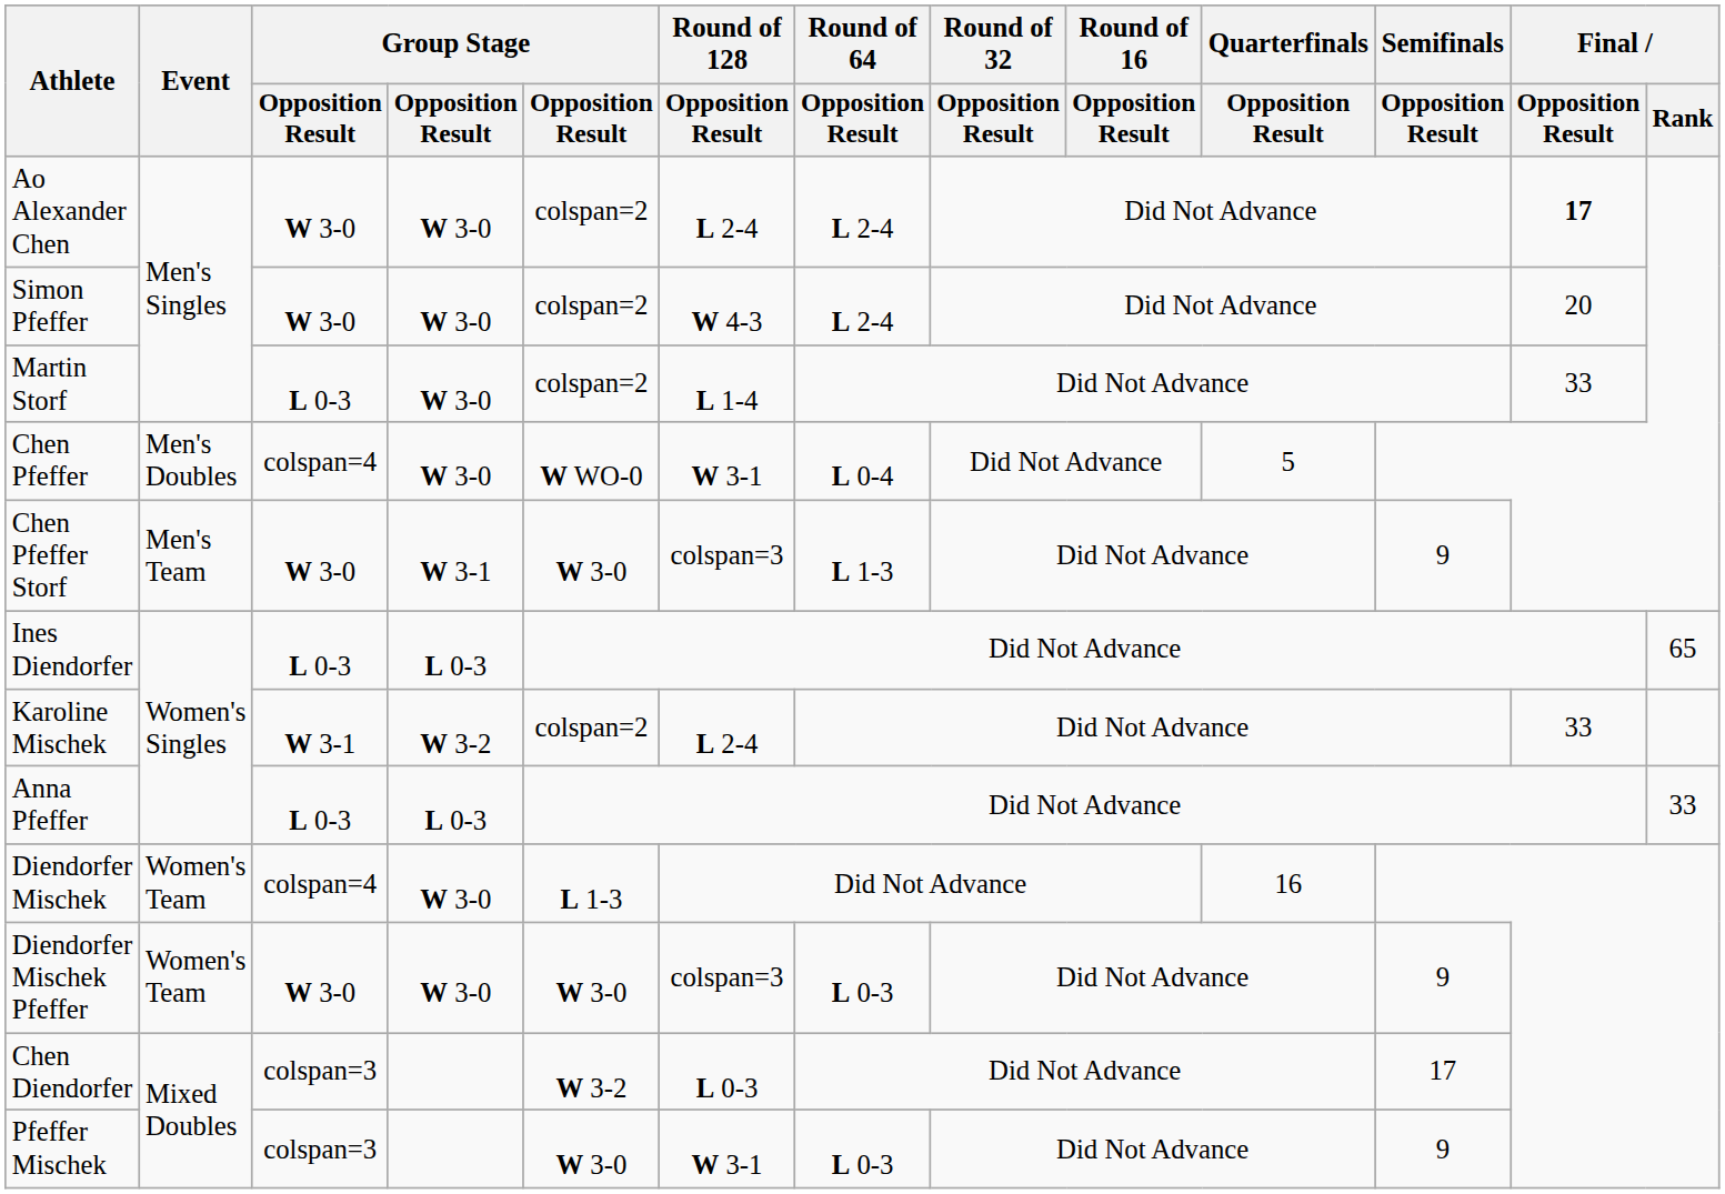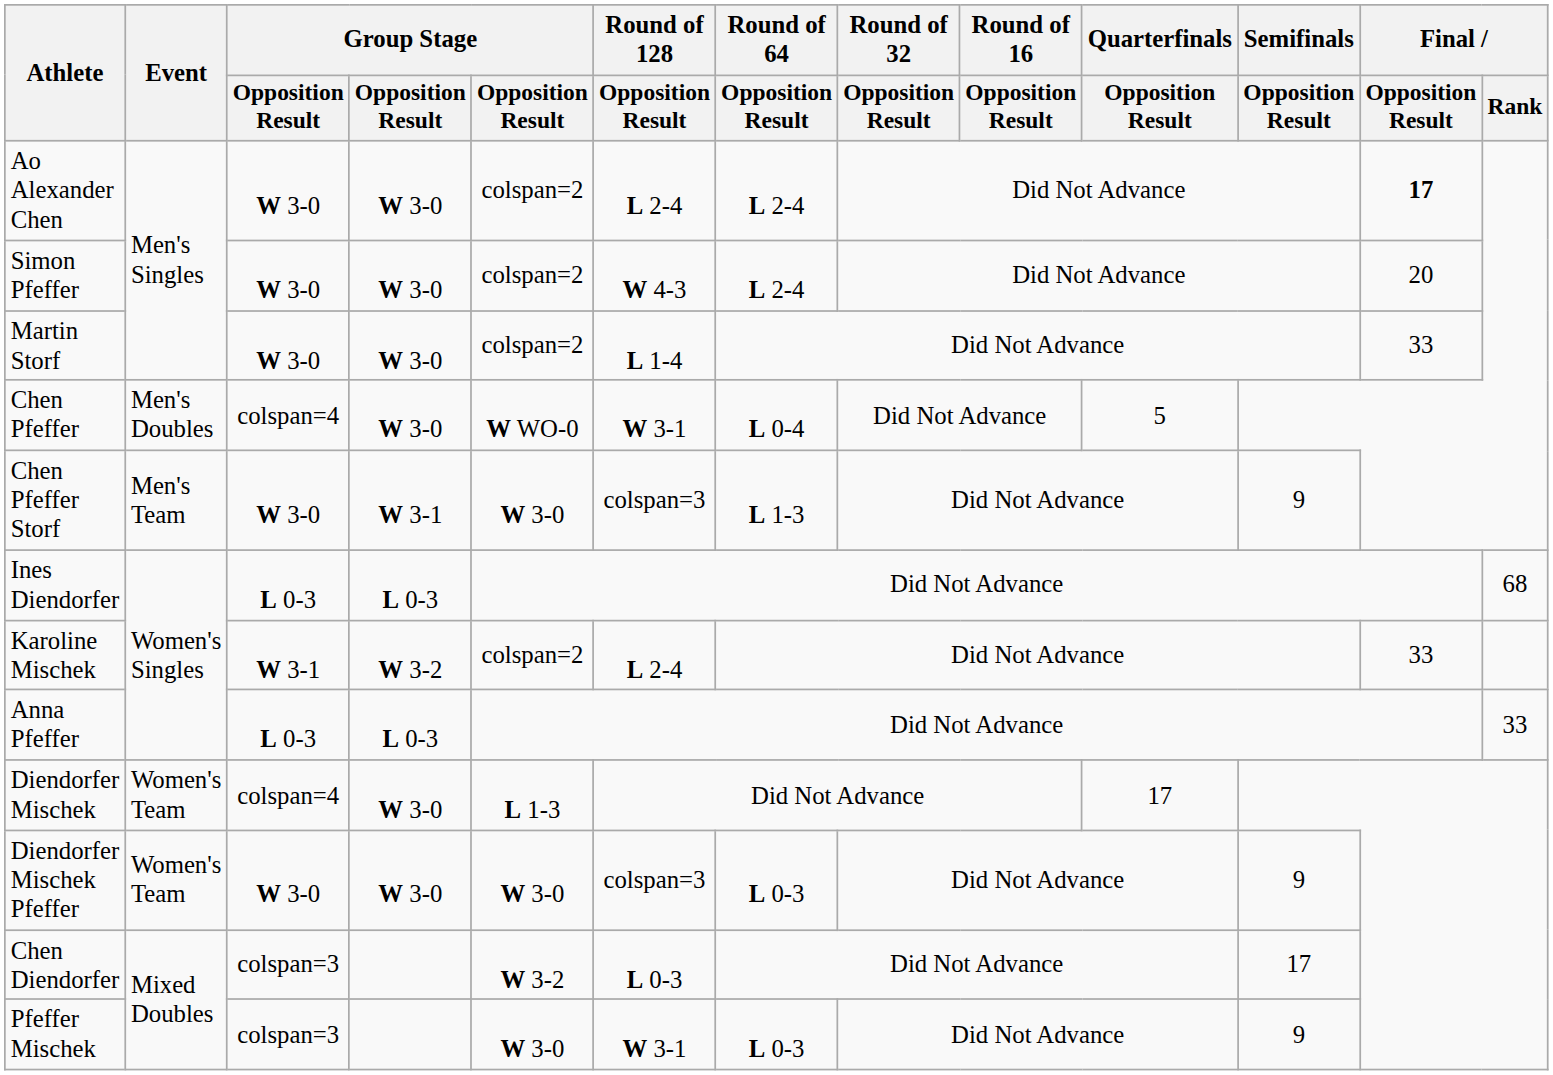 <table class="wikitable" style="font-size:90%">
 <tr>
 <th rowspan=2>Athlete</th>
 <th rowspan=2>Event</th>
 <th colspan=3>Group Stage</th>
 <th>Round of 128</th>
 <th>Round of 64</th>
 <th>Round of 32</th>
 <th>Round of 16</th>
 <th>Quarterfinals</th>
 <th>Semifinals</th>
 <th colspan=2>Final / </th>
 </tr>
 <tr style="font-size:95%">
 <th>Opposition<br>Result</th>
 <th>Opposition<br>Result</th>
 <th>Opposition<br>Result</th>
 <th>Opposition<br>Result</th>
 <th>Opposition<br>Result</th>
 <th>Opposition<br>Result</th>
 <th>Opposition<br>Result</th>
 <th>Opposition<br>Result</th>
 <th>Opposition<br>Result</th>
 <th>Opposition<br>Result</th>
 <th>Rank</th>
 </tr>
 <tr align=center>
 <td align=left>Ao Alexander Chen</td>
 <td align=left rowspan=3>Men's Singles</td>
 <td><br><strong>W</strong> 3-0</td>
 <td><br><strong>W</strong> 3-0</td>
 <td>colspan=2 </td>
 <td><br><strong>L</strong> 2-4</td>
 <td><br><strong>L</strong> 2-4</td>
 <td colspan=4>Did Not Advance</td>
 <td><strong>17</strong></td>
 </tr>
 <tr align=center>
 <td align=left>Simon Pfeffer</td>
 <td><br><strong>W</strong> 3-0</td>
 <td><br><strong>W</strong> 3-0</td>
 <td>colspan=2 </td>
 <td><br><strong>W</strong> 4-3</td>
 <td><br><strong>L</strong> 2-4</td>
 <td colspan=4>Did Not Advance</td>
 <td>20</td>
 </tr>
 <tr align=center>
 <td align=left>Martin Storf</td>
-<td><br><strong>L</strong> 0-3</td>
+<td><br><strong>W</strong> 3-0</td>
 <td><br><strong>W</strong> 3-0</td>
 <td>colspan=2 </td>
 <td><br><strong>L</strong> 1-4</td>
 <td colspan=5>Did Not Advance</td>
 <td>33</td>
 </tr>
 <tr align=center>
 <td align=left>Chen<br>Pfeffer</td>
 <td align=left>Men's Doubles</td>
 <td>colspan=4 </td>
 <td><br><strong>W</strong> 3-0</td>
 <td><br><strong>W</strong> WO-0</td>
 <td><br><strong>W</strong> 3-1</td>
 <td><br><strong>L</strong> 0-4</td>
 <td colspan=2>Did Not Advance</td>
 <td>5</td>
 </tr>
 <tr align=center>
 <td align=left>Chen<br>Pfeffer<br>Storf</td>
 <td align=left>Men's Team</td>
 <td><br><strong>W</strong> 3-0</td>
 <td><br><strong>W</strong> 3-1</td>
 <td><br><strong>W</strong> 3-0</td>
 <td>colspan=3 </td>
 <td><br><strong>L</strong> 1-3</td>
 <td colspan=3>Did Not Advance</td>
 <td>9</td>
 </tr>
 <tr align=center>
 <td align=left>Ines Diendorfer</td>
 <td align=left rowspan=3>Women's Singles</td>
 <td><br><strong>L</strong> 0-3</td>
 <td><br><strong>L</strong> 0-3</td>
 <td colspan=8>Did Not Advance</td>
-<td>65</td>
+<td>68</td>
 </tr>
 <tr align=center>
 <td align=left>Karoline Mischek</td>
 <td><br><strong>W</strong> 3-1</td>
 <td><br><strong>W</strong> 3-2</td>
 <td>colspan=2 </td>
 <td><br><strong>L</strong> 2-4</td>
 <td colspan=5>Did Not Advance</td>
 <td>33</td>
 </tr>
 <tr align=center>
 <td align=left>Anna Pfeffer</td>
 <td><br><strong>L</strong> 0-3</td>
 <td><br><strong>L</strong> 0-3</td>
 <td colspan=8>Did Not Advance</td>
 <td>33</td>
 </tr>
 <tr align=center>
 <td align=left>Diendorfer<br>Mischek</td>
 <td align=left>Women's Team</td>
 <td>colspan=4 </td>
 <td><br><strong>W</strong> 3-0</td>
 <td><br><strong>L</strong> 1-3</td>
 <td colspan=4>Did Not Advance</td>
-<td>16</td>
+<td>17</td>
 </tr>
 <tr align=center>
 <td align=left>Diendorfer<br>Mischek<br>Pfeffer</td>
 <td align=left>Women's Team</td>
 <td><br><strong>W</strong> 3-0</td>
 <td><br><strong>W</strong> 3-0</td>
 <td><br><strong>W</strong> 3-0</td>
 <td>colspan=3 </td>
 <td><br><strong>L</strong> 0-3</td>
 <td colspan=3>Did Not Advance</td>
 <td>9</td>
 </tr>
 <tr align=center>
 <td align=left>Chen<br>Diendorfer</td>
 <td align=left rowspan=2>Mixed Doubles</td>
 <td>colspan=3 </td>
 <td></td>
 <td><br><strong>W</strong> 3-2</td>
 <td><br><strong>L</strong> 0-3</td>
 <td colspan=4>Did Not Advance</td>
 <td>17</td>
 </tr>
 <tr align=center>
 <td align=left>Pfeffer<br>Mischek</td>
 <td>colspan=3 </td>
 <td></td>
 <td><br><strong>W</strong> 3-0</td>
 <td><br><strong>W</strong> 3-1</td>
 <td><br><strong>L</strong> 0-3</td>
 <td colspan=3>Did Not Advance</td>
 <td>9</td>
 </tr>
 </table>
